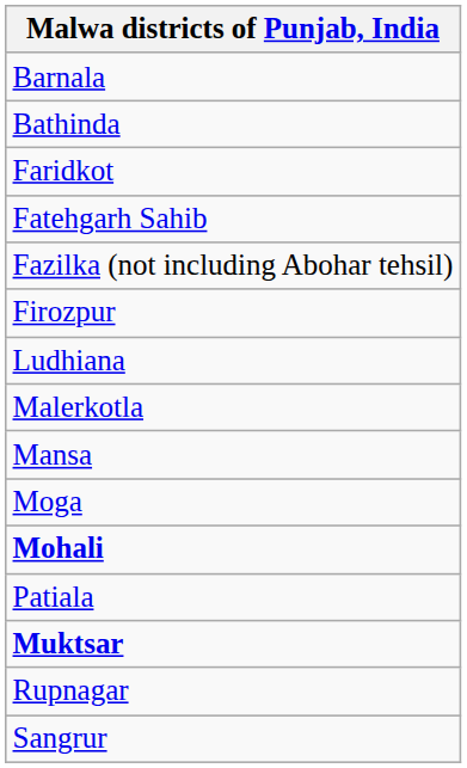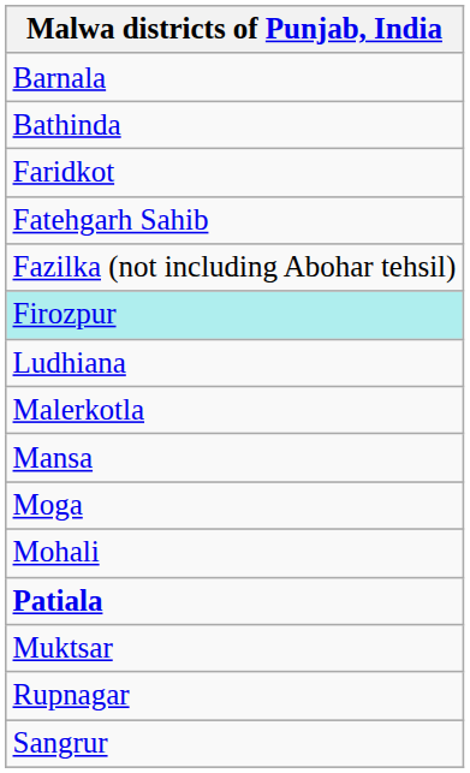 <table class="wikitable">
 <tr>
 <th>Malwa districts of <a href='#'>Punjab, India</a></th>
 </tr>
 <tr>
 <td><a href='#'>Barnala</a></td>
 </tr>
 <tr>
 <td><a href='#'>Bathinda</a></td>
 </tr>
 <tr>
 <td><a href='#'>Faridkot</a></td>
 </tr>
 <tr>
 <td><a href='#'>Fatehgarh Sahib</a></td>
 </tr>
 <tr>
 <td><a href='#'>Fazilka</a> (not including Abohar tehsil)</td>
 </tr>
 <tr>
-<td><a href='#'>Firozpur</a></td>
+<td style="background: paleturquoise;"><a href='#'>Firozpur</a></td>
 </tr>
 <tr>
 <td><a href='#'>Ludhiana</a></td>
 </tr>
 <tr>
 <td><a href='#'>Malerkotla</a></td>
 </tr>
 <tr>
 <td><a href='#'>Mansa</a></td>
 </tr>
 <tr>
 <td><a href='#'>Moga</a></td>
 </tr>
 <tr>
-<td><strong><a href='#'>Mohali</a></strong></td>
+<td><a href='#'>Mohali</a></td>
 </tr>
 <tr>
-<td><a href='#'>Patiala</a></td>
+<td><strong><a href='#'>Patiala</a></strong></td>
 </tr>
 <tr>
-<td><strong><a href='#'>Muktsar</a></strong></td>
+<td><a href='#'>Muktsar</a></td>
 </tr>
 <tr>
 <td><a href='#'>Rupnagar</a></td>
 </tr>
 <tr>
 <td><a href='#'>Sangrur</a></td>
 </tr>
 </table>
